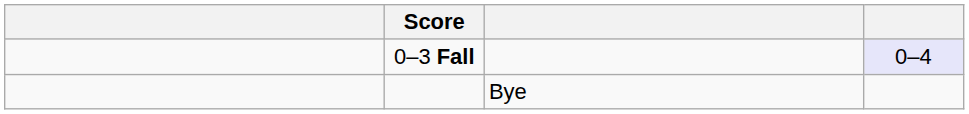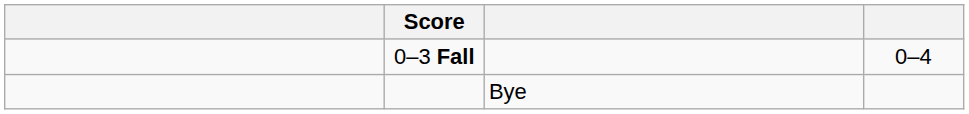 <table class="wikitable" style="text-align: center; ">
 <tr>
 <th align="right" width="270"></th>
 <th width="65">Score</th>
 <th align="left" width="270"></th>
 <th width="65"></th>
 </tr>
 <tr>
 <td align="left"></td>
 <td>0–3 <strong>Fall</strong></td>
 <td align="left"><strong></strong></td>
-<td style="background: lavender;">0–4 <strong></strong></td>
+<td>0–4 <strong></strong></td>
 </tr>
 <tr>
 <td align="left"><strong></strong></td>
 <td></td>
 <td align="left">Bye</td>
 <td></td>
 </tr>
 </table>
